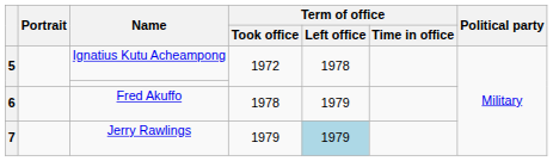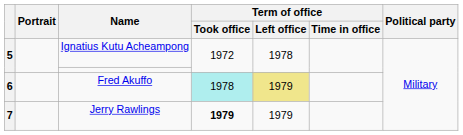 <table class="wikitable" style="text-align:center">
 <tr>
 <th rowspan="2"></th>
 <th rowspan="2">Portrait</th>
 <th rowspan="2">Name<br></th>
 <th colspan="3">Term of office</th>
 <th rowspan="2">Political party</th>
 </tr>
 <tr>
 <th>Took office</th>
 <th>Left office</th>
 <th>Time in office</th>
 </tr>
 <tr>
 <th rowspan=2 style="background:">5</th>
 <td rowspan=2></td>
 <td><a href='#'> Ignatius Kutu Acheampong</a><br><br></td>
 <td rowspan=2> 1972</td>
 <td rowspan=2> 1978<br></td>
 <td rowspan=2></td>
 <td rowspan=4><a href='#'>Military</a></td>
 </tr>
 <tr>
 <td></td>
 </tr>
 <tr>
 <th style="background:">6</th>
 <td></td>
 <td><a href='#'> Fred Akuffo</a><br><br></td>
-<td> 1978</td>
-<td> 1979<br></td>
+<td style="background: paleturquoise;"> 1978</td>
+<td style="background: khaki;"> 1979<br></td>
 <td></td>
 </tr>
 <tr>
 <th style="background:">7</th>
 <td></td>
 <td><a href='#'> Jerry Rawlings</a><br><br></td>
+<td><strong> 1979</strong></td>
 <td> 1979</td>
-<td style="background: lightblue;"> 1979</td>
 <td></td>
 </tr>
 </table>
